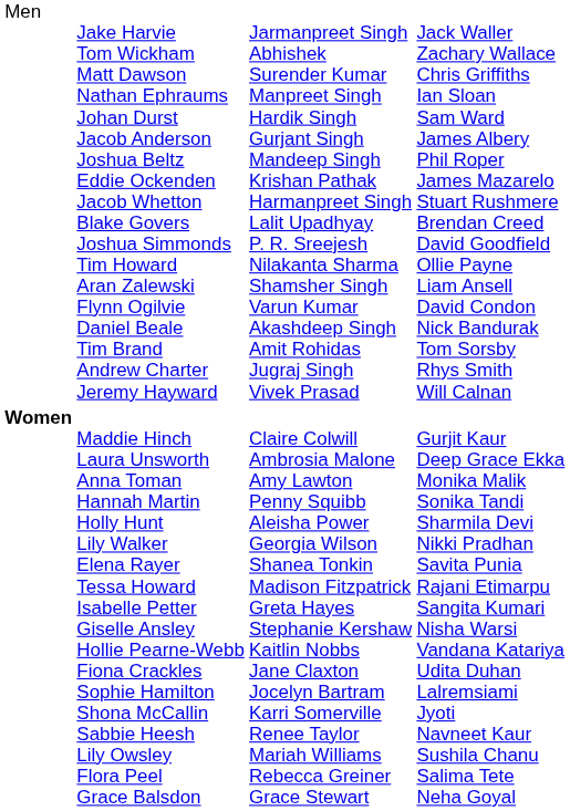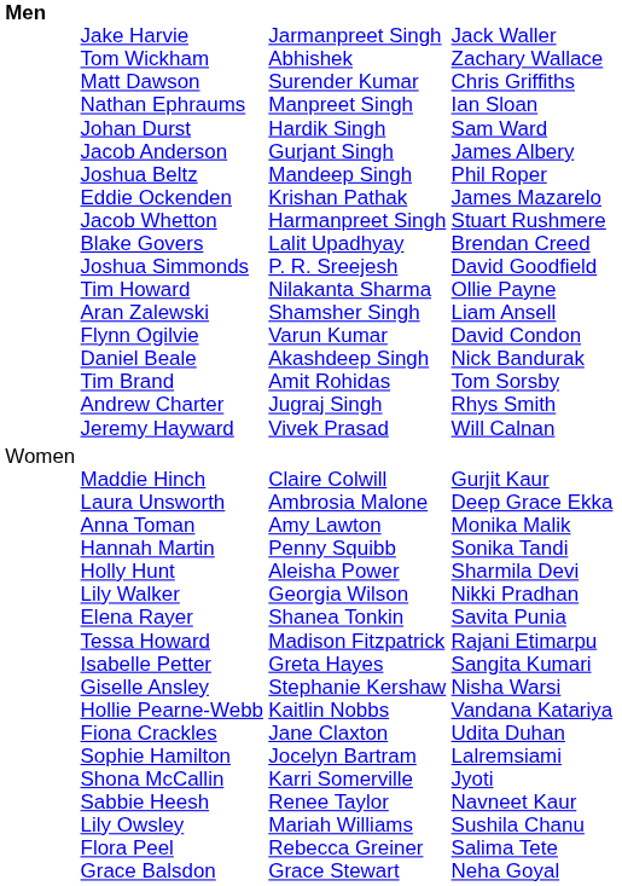 <table>
 <tr>
 </tr>
 <tr valign="top">
-<td>Men<br></td>
+<td><strong>Men<br></strong></td>
 <td><br><a href='#'>Jake Harvie</a><br><a href='#'>Tom Wickham</a><br><a href='#'>Matt Dawson</a><br><a href='#'>Nathan Ephraums</a><br><a href='#'>Johan Durst</a><br><a href='#'>Jacob Anderson</a><br><a href='#'>Joshua Beltz</a><br><a href='#'>Eddie Ockenden</a><br><a href='#'>Jacob Whetton</a><br><a href='#'>Blake Govers</a><br><a href='#'>Joshua Simmonds</a><br><a href='#'>Tim Howard</a><br><a href='#'>Aran Zalewski</a><br><a href='#'>Flynn Ogilvie</a><br><a href='#'>Daniel Beale</a><br><a href='#'>Tim Brand</a><br><a href='#'>Andrew Charter</a><br><a href='#'>Jeremy Hayward</a></td>
 <td><br><a href='#'>Jarmanpreet Singh</a><br><a href='#'>Abhishek</a><br><a href='#'>Surender Kumar</a><br><a href='#'>Manpreet Singh</a><br><a href='#'>Hardik Singh</a><br><a href='#'>Gurjant Singh</a><br><a href='#'>Mandeep Singh</a><br><a href='#'>Krishan Pathak</a><br><a href='#'>Harmanpreet Singh</a><br><a href='#'>Lalit Upadhyay</a><br><a href='#'>P. R. Sreejesh</a><br><a href='#'>Nilakanta Sharma</a><br><a href='#'>Shamsher Singh</a><br><a href='#'>Varun Kumar</a><br><a href='#'>Akashdeep Singh</a><br><a href='#'>Amit Rohidas</a><br><a href='#'>Jugraj Singh</a><br><a href='#'>Vivek Prasad</a></td>
 <td><br><a href='#'>Jack Waller</a><br><a href='#'>Zachary Wallace</a><br><a href='#'>Chris Griffiths</a><br><a href='#'>Ian Sloan</a><br><a href='#'>Sam Ward</a><br><a href='#'>James Albery</a><br><a href='#'>Phil Roper</a><br><a href='#'>James Mazarelo</a><br><a href='#'>Stuart Rushmere</a><br><a href='#'>Brendan Creed</a><br><a href='#'>David Goodfield</a><br><a href='#'>Ollie Payne</a><br><a href='#'>Liam Ansell</a><br><a href='#'>David Condon</a><br><a href='#'>Nick Bandurak</a><br><a href='#'>Tom Sorsby</a><br><a href='#'>Rhys Smith</a><br><a href='#'>Will Calnan</a></td>
 </tr>
 <tr valign="top">
-<td><strong>Women<br></strong></td>
+<td>Women<br></td>
 <td><br><a href='#'>Maddie Hinch</a><br><a href='#'>Laura Unsworth</a><br><a href='#'>Anna Toman</a><br><a href='#'>Hannah Martin</a><br><a href='#'>Holly Hunt</a><br><a href='#'>Lily Walker</a><br><a href='#'>Elena Rayer</a><br><a href='#'>Tessa Howard</a><br><a href='#'>Isabelle Petter</a><br><a href='#'>Giselle Ansley</a><br><a href='#'>Hollie Pearne-Webb</a><br><a href='#'>Fiona Crackles</a><br><a href='#'>Sophie Hamilton</a><br><a href='#'>Shona McCallin</a><br><a href='#'>Sabbie Heesh</a><br><a href='#'>Lily Owsley</a><br><a href='#'>Flora Peel</a><br><a href='#'>Grace Balsdon</a></td>
 <td><br><a href='#'>Claire Colwill</a><br><a href='#'>Ambrosia Malone</a><br><a href='#'>Amy Lawton</a><br><a href='#'>Penny Squibb</a><br><a href='#'>Aleisha Power</a><br><a href='#'>Georgia Wilson</a><br><a href='#'>Shanea Tonkin</a><br><a href='#'>Madison Fitzpatrick</a><br><a href='#'>Greta Hayes</a><br><a href='#'>Stephanie Kershaw</a><br><a href='#'>Kaitlin Nobbs</a><br><a href='#'>Jane Claxton</a><br><a href='#'>Jocelyn Bartram</a><br><a href='#'>Karri Somerville</a><br><a href='#'>Renee Taylor</a><br><a href='#'>Mariah Williams</a><br><a href='#'>Rebecca Greiner</a><br><a href='#'>Grace Stewart</a></td>
 <td><br><a href='#'>Gurjit Kaur</a><br><a href='#'>Deep Grace Ekka</a><br><a href='#'>Monika Malik</a><br><a href='#'>Sonika Tandi</a><br><a href='#'>Sharmila Devi</a><br><a href='#'>Nikki Pradhan</a><br><a href='#'>Savita Punia</a><br><a href='#'>Rajani Etimarpu</a><br><a href='#'>Sangita Kumari</a><br><a href='#'>Nisha Warsi</a><br><a href='#'>Vandana Katariya</a><br><a href='#'>Udita Duhan</a><br><a href='#'>Lalremsiami</a><br><a href='#'>Jyoti</a><br><a href='#'>Navneet Kaur</a><br><a href='#'>Sushila Chanu</a><br><a href='#'>Salima Tete</a><br><a href='#'>Neha Goyal</a></td>
 </tr>
 </table>
